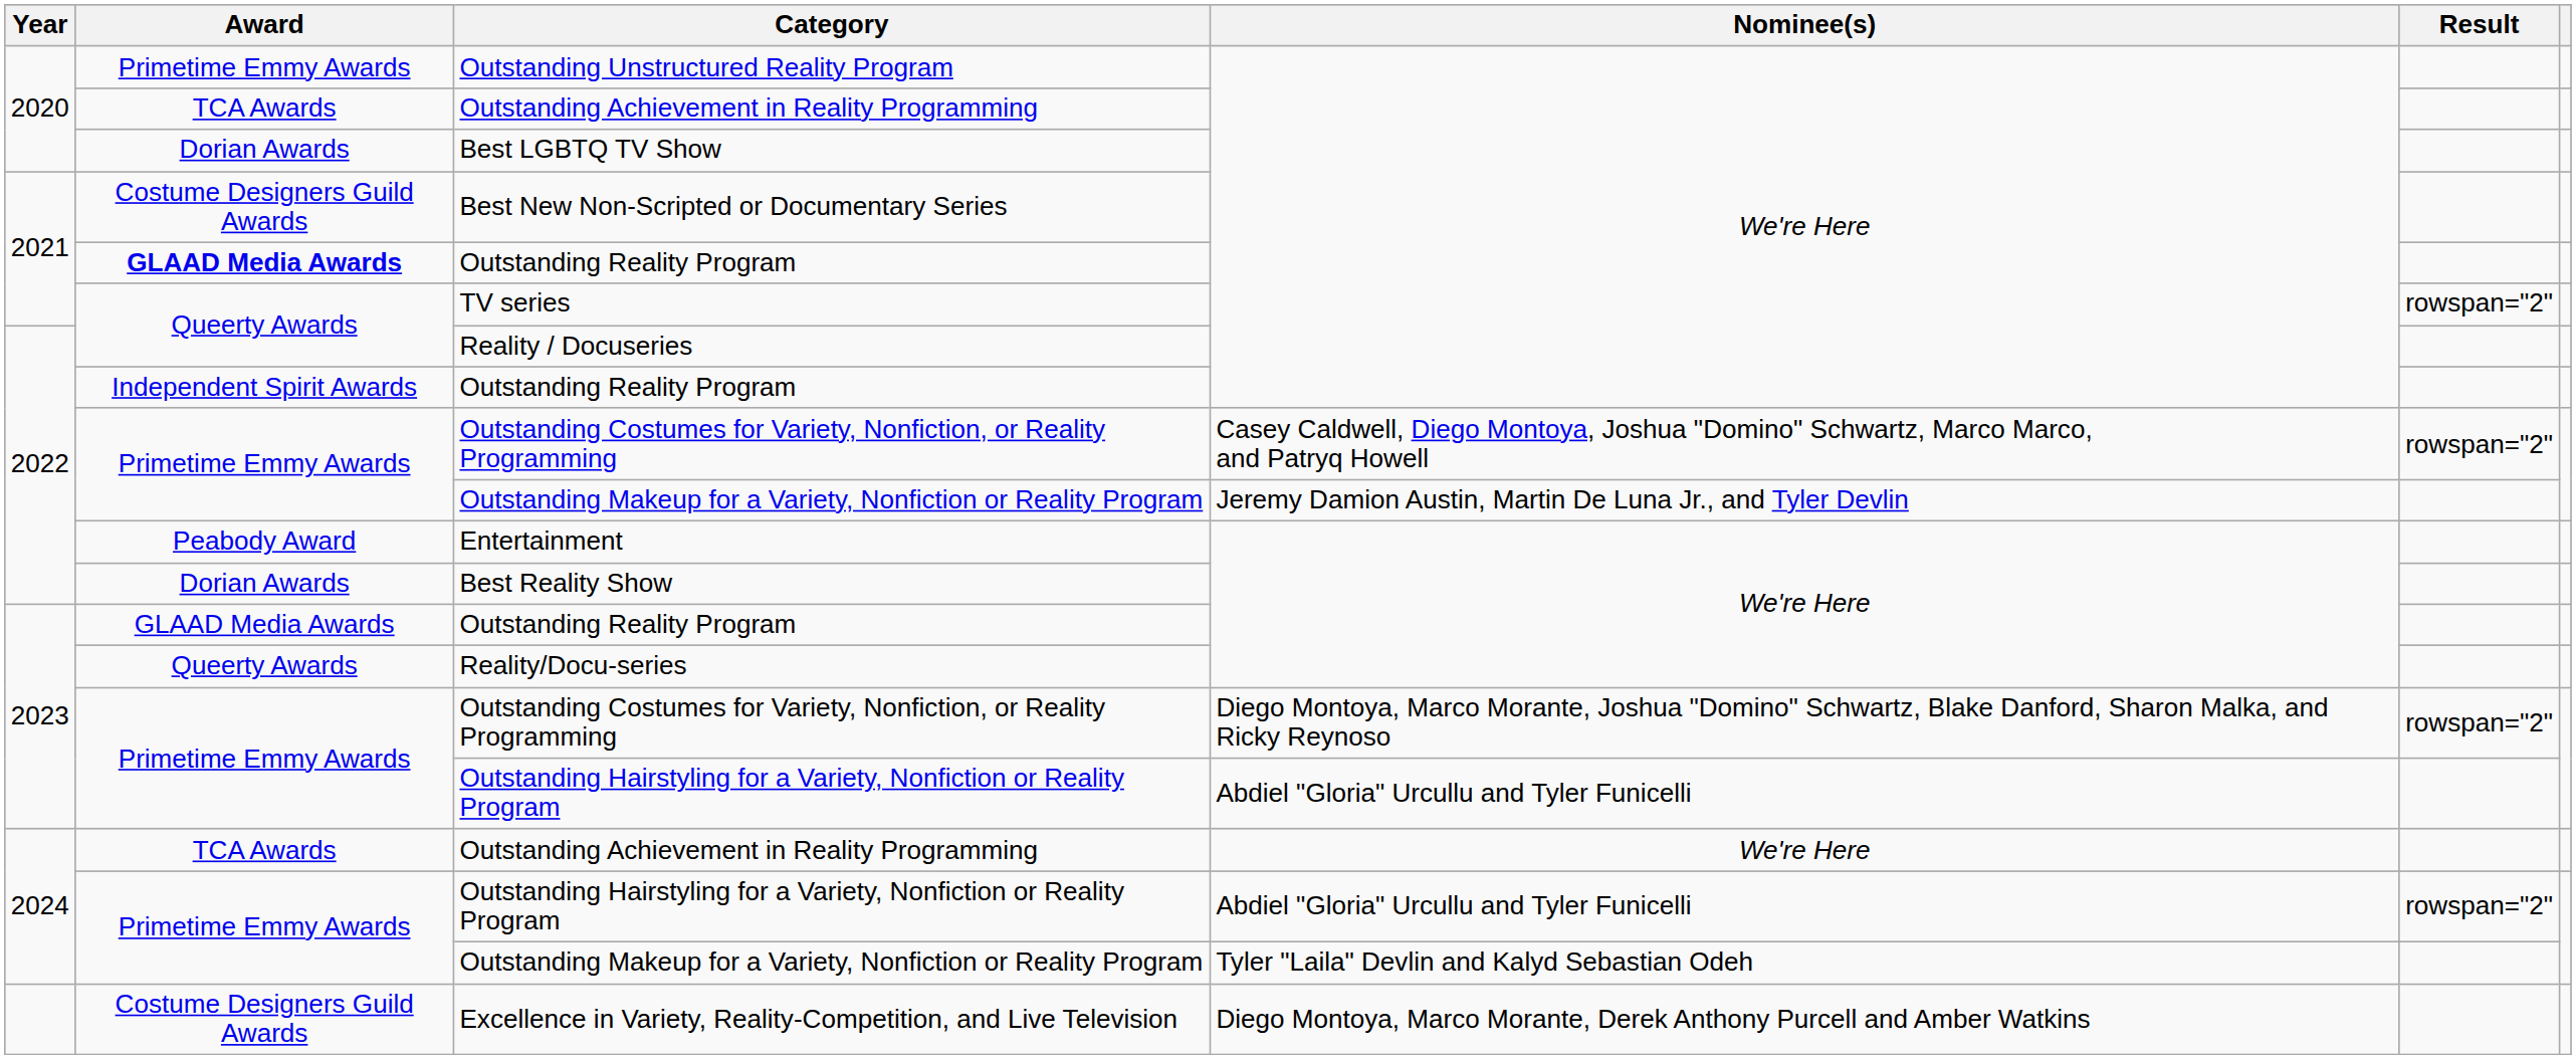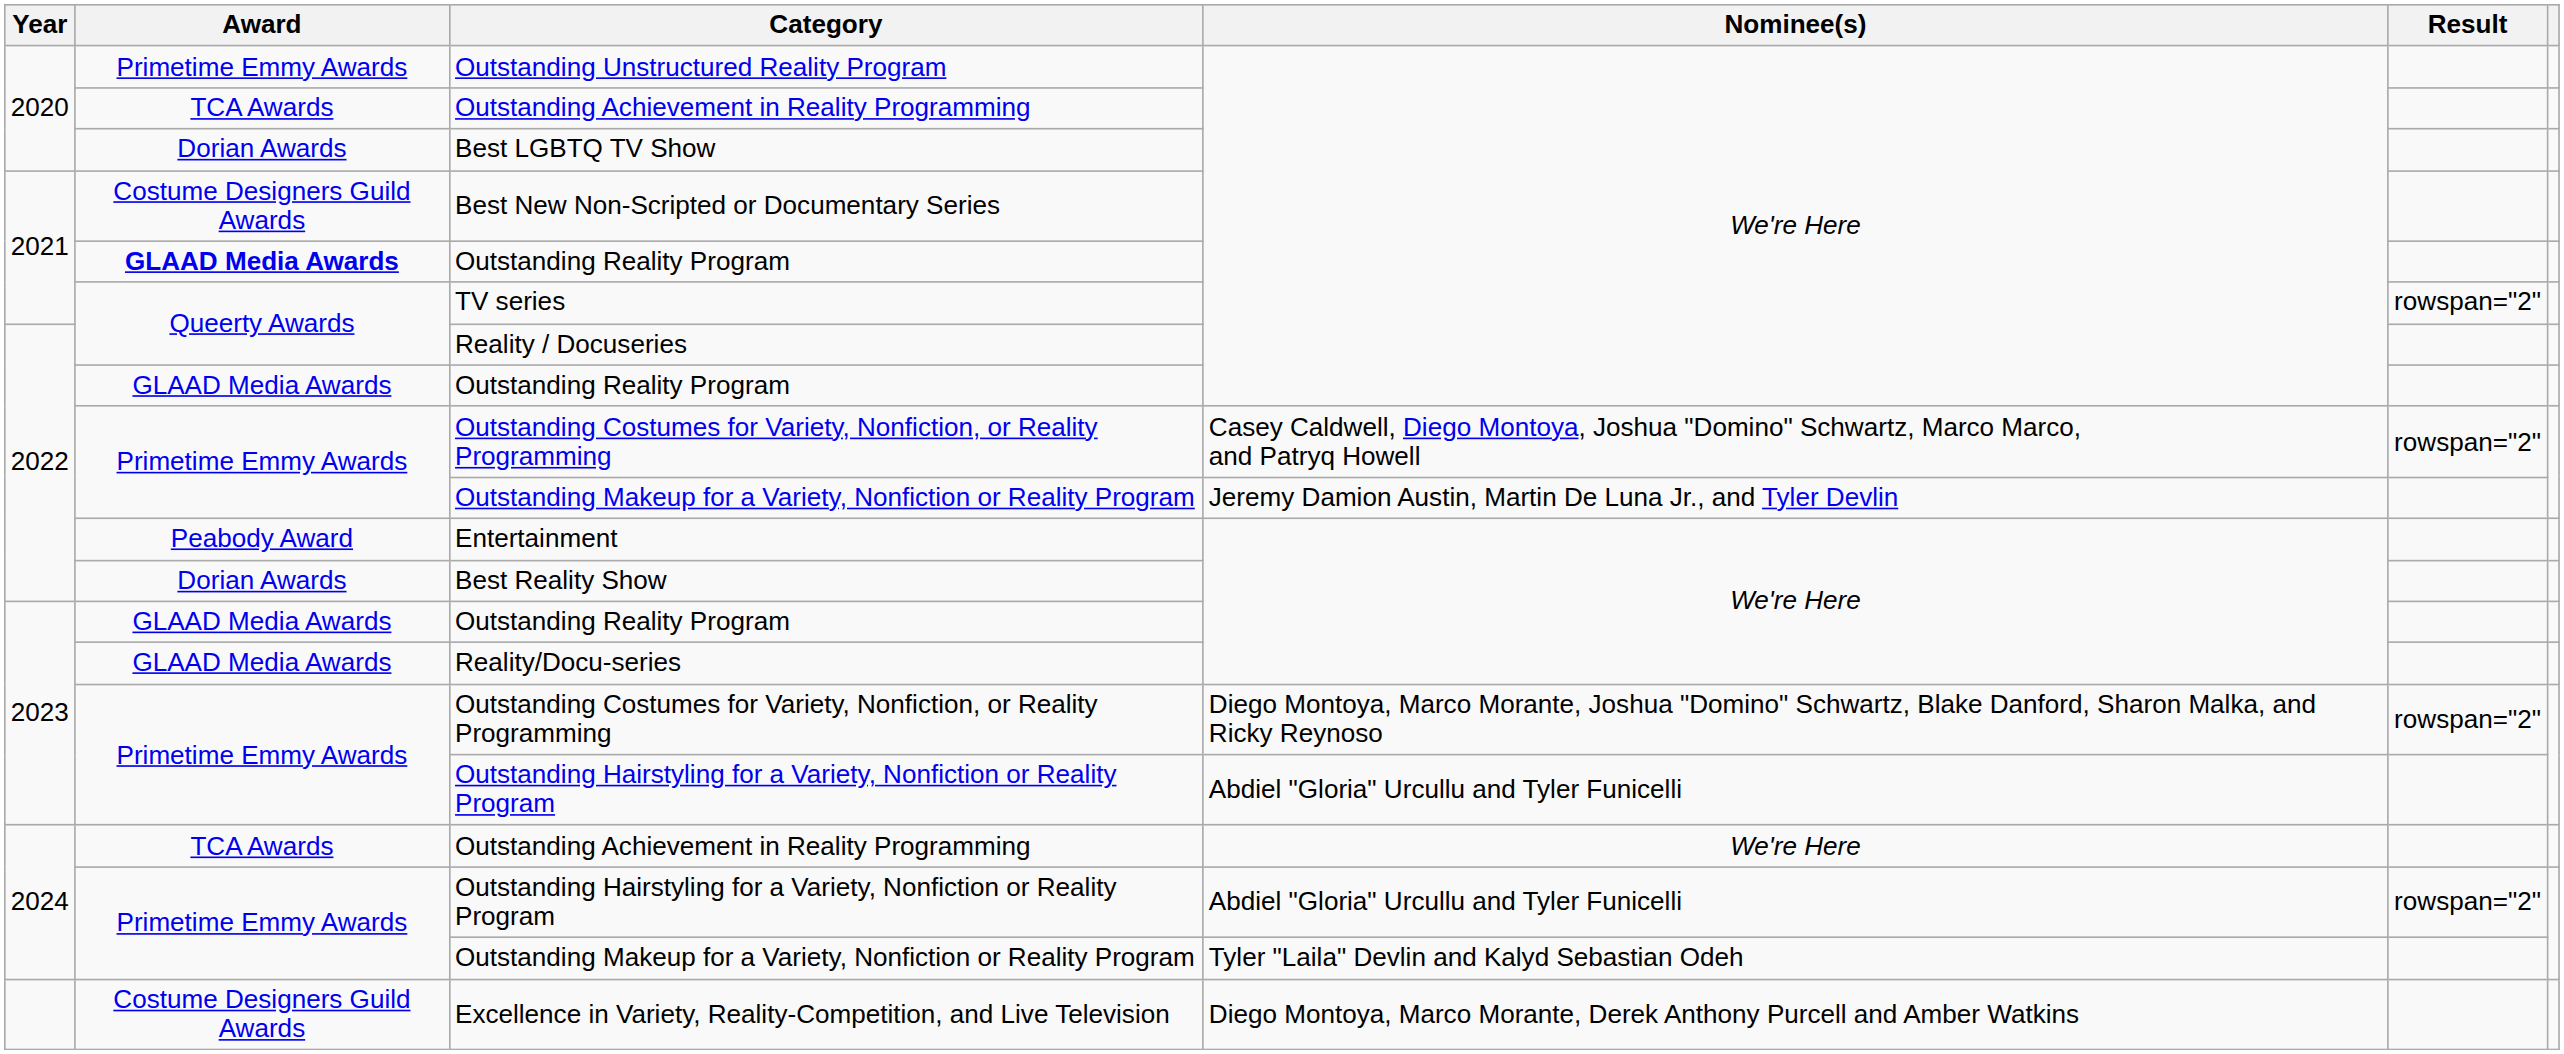 <table class="wikitable sortable">
 <tr>
 <th scope="col">Year</th>
 <th scope="col">Award</th>
 <th scope="col">Category</th>
 <th scope="col">Nominee(s)</th>
 <th scope="col">Result</th>
 <th scope="col" class="unsortable"></th>
 </tr>
 <tr>
 <td rowspan="3" align="center">2020</td>
 <td align="center"><a href='#'>Primetime Emmy Awards</a></td>
 <td><a href='#'>Outstanding Unstructured Reality Program</a></td>
 <td align="center" rowspan="8"><em>We're Here</em></td>
 <td></td>
 <td align="center"></td>
 </tr>
 <tr>
 <td align="center"><a href='#'>TCA Awards</a></td>
 <td><a href='#'>Outstanding Achievement in Reality Programming</a></td>
 <td></td>
 <td align="center"></td>
 </tr>
 <tr>
 <td align="center"><a href='#'>Dorian Awards</a></td>
 <td>Best LGBTQ TV Show</td>
 <td></td>
 <td align="center"></td>
 </tr>
 <tr>
 <td rowspan="3" align="center">2021</td>
 <td align="center"><a href='#'>Costume Designers Guild Awards</a></td>
 <td>Best New Non-Scripted or Documentary Series</td>
 <td></td>
 <td align="center"></td>
 </tr>
 <tr>
 <td align="center"><strong><a href='#'>GLAAD Media Awards</a></strong></td>
 <td>Outstanding Reality Program</td>
 <td></td>
 <td align="center"></td>
 </tr>
 <tr>
 <td rowspan="2" align="center"><a href='#'>Queerty Awards</a></td>
 <td>TV series</td>
 <td>rowspan="2" </td>
 <td align="center"></td>
 </tr>
 <tr>
 <td rowspan="6" align="center">2022</td>
 <td>Reality / Docuseries</td>
 <td align="center"></td>
 </tr>
 <tr>
-<td align="center"><a href='#'>Independent Spirit Awards</a></td>
+<td rowspan="1" align="center"><a href='#'>GLAAD Media Awards</a></td>
 <td>Outstanding Reality Program</td>
 <td></td>
 <td align="center"></td>
 </tr>
 <tr>
 <td rowspan="2" align="center"><a href='#'>Primetime Emmy Awards</a></td>
 <td><a href='#'>Outstanding Costumes for Variety, Nonfiction, or Reality Programming</a></td>
 <td>Casey Caldwell, <a href='#'>Diego Montoya</a>, Joshua "Domino" Schwartz, Marco Marco, <br> and Patryq Howell </td>
 <td>rowspan="2" </td>
 <td rowspan="2" align="center"></td>
 </tr>
 <tr>
 <td><a href='#'>Outstanding Makeup for a Variety, Nonfiction or Reality Program</a></td>
 <td>Jeremy Damion Austin, Martin De Luna Jr., and <a href='#'>Tyler Devlin</a> </td>
 </tr>
 <tr>
 <td align="center"><a href='#'>Peabody Award</a></td>
 <td>Entertainment</td>
 <td rowspan="4" align="center"><em>We're Here</em></td>
 <td></td>
 <td align="center"></td>
 </tr>
 <tr>
 <td align="center"><a href='#'>Dorian Awards</a></td>
 <td>Best Reality Show</td>
 <td></td>
 <td align="center"></td>
 </tr>
 <tr>
 <td rowspan="4" align="center">2023</td>
 <td align="center"><a href='#'>GLAAD Media Awards</a></td>
 <td>Outstanding Reality Program</td>
 <td></td>
 <td align="center"></td>
 </tr>
 <tr>
-<td align="center"><a href='#'>Queerty Awards</a></td>
+<td align="center"><a href='#'>GLAAD Media Awards</a></td>
 <td>Reality/Docu-series</td>
 <td></td>
 <td align="center"></td>
 </tr>
 <tr>
 <td rowspan="2" align="center"><a href='#'>Primetime Emmy Awards</a></td>
 <td>Outstanding Costumes for Variety, Nonfiction, or Reality Programming</td>
 <td>Diego Montoya, Marco Morante, Joshua "Domino" Schwartz, Blake Danford, Sharon Malka, and Ricky Reynoso </td>
 <td>rowspan="2" </td>
 <td rowspan="2" align="center"></td>
 </tr>
 <tr>
 <td><a href='#'>Outstanding Hairstyling for a Variety, Nonfiction or Reality Program</a></td>
 <td>Abdiel "Gloria" Urcullu and Tyler Funicelli </td>
 </tr>
 <tr>
 <td rowspan="3" align="center">2024</td>
 <td align="center"><a href='#'>TCA Awards</a></td>
 <td>Outstanding Achievement in Reality Programming</td>
 <td align="center"><em>We're Here</em></td>
 <td></td>
 <td align="center"></td>
 </tr>
 <tr>
 <td rowspan="2" align="center"><a href='#'>Primetime Emmy Awards</a></td>
 <td>Outstanding Hairstyling for a Variety, Nonfiction or Reality Program</td>
 <td>Abdiel "Gloria" Urcullu and Tyler Funicelli </td>
 <td>rowspan="2" </td>
 <td rowspan="2" align="center"></td>
 </tr>
 <tr>
 <td>Outstanding Makeup for a Variety, Nonfiction or Reality Program</td>
 <td>Tyler "Laila" Devlin and Kalyd Sebastian Odeh </td>
 </tr>
 <tr>
 <td></td>
 <td align="center"><a href='#'>Costume Designers Guild Awards</a></td>
 <td>Excellence in Variety, Reality-Competition, and Live Television</td>
 <td>Diego Montoya, Marco Morante, Derek Anthony Purcell and Amber Watkins </td>
 <td></td>
 <td align="center"></td>
 </tr>
 <tr>
 </tr>
 </table>
